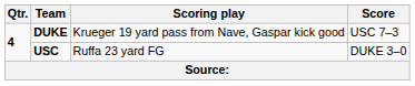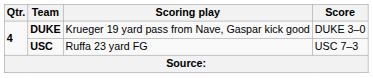 <table class="wikitable">
 <tr>
 <th>Qtr.</th>
 <th>Team</th>
 <th>Scoring play</th>
 <th>Score</th>
 </tr>
 <tr>
 <td rowspan=2><strong>4</strong></td>
 <td><strong>DUKE</strong></td>
 <td>Krueger 19 yard pass from Nave, Gaspar kick good</td>
-<td>USC 7–3</td>
+<td>DUKE 3–0</td>
 </tr>
 <tr>
 <td><strong>USC</strong></td>
 <td>Ruffa 23 yard FG</td>
-<td>DUKE 3–0</td>
+<td>USC 7–3</td>
 </tr>
 <tr>
 <th colspan=4>Source:</th>
 </tr>
 </table>
